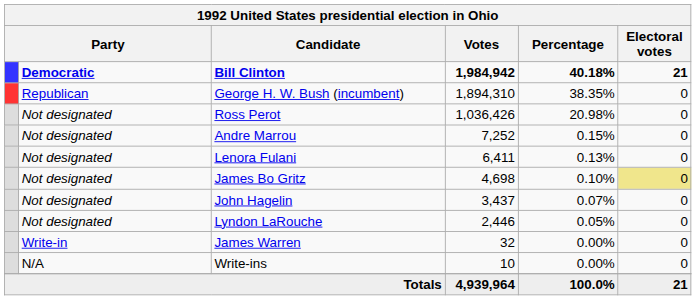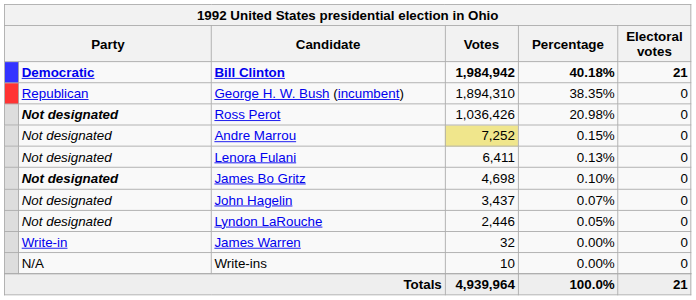 <table class="wikitable" style="font-size: 95%;">
 <tr>
 <th colspan="6">1992 United States presidential election in Ohio</th>
 </tr>
 <tr>
 <th colspan="2" style="width: 15em">Party</th>
 <th style="width: 17em">Candidate</th>
 <th style="width: 5em">Votes</th>
 <th style="width: 7em">Percentage</th>
 <th style="width: 5em">Electoral votes</th>
 </tr>
 <tr>
 <th style="background-color:#3333FF; width: 3px"></th>
 <td style="width: 130px"><strong><a href='#'>Democratic</a></strong></td>
 <td><strong><a href='#'>Bill Clinton</a></strong></td>
 <td align="right"><strong>1,984,942</strong></td>
 <td align="right"><strong>40.18%</strong></td>
 <td align="right"><strong>21</strong></td>
 </tr>
 <tr>
 <th style="background-color:#FF3333; width: 3px"></th>
 <td style="width: 130px"><a href='#'>Republican</a></td>
 <td><a href='#'>George H. W. Bush</a> (<a href='#'>incumbent</a>)</td>
 <td align="right">1,894,310</td>
 <td align="right">38.35%</td>
 <td align="right">0</td>
 </tr>
 <tr>
 <th style="background-color:#DDDDDD; width: 3px"></th>
-<td style="width: 130px"><em>Not designated</em></td>
+<td style="width: 130px"><strong><em>Not designated</em></strong></td>
 <td><a href='#'>Ross Perot</a></td>
 <td align="right">1,036,426</td>
 <td align="right">20.98%</td>
 <td align="right">0</td>
 </tr>
 <tr>
 <th style="background-color:#DDDDDD; width: 3px"></th>
 <td style="width: 130px"><em>Not designated</em></td>
 <td><a href='#'>Andre Marrou</a></td>
-<td align="right">7,252</td>
+<td align="right" style="background: khaki;">7,252</td>
 <td align="right">0.15%</td>
 <td align="right">0</td>
 </tr>
 <tr>
 <th style="background-color:#DDDDDD; width: 3px"></th>
 <td style="width: 130px"><em>Not designated</em></td>
 <td><a href='#'>Lenora Fulani</a></td>
 <td align="right">6,411</td>
 <td align="right">0.13%</td>
 <td align="right">0</td>
 </tr>
 <tr>
 <th style="background-color:#DDDDDD; width: 3px"></th>
-<td style="width: 130px"><em>Not designated</em></td>
+<td style="width: 130px"><strong><em>Not designated</em></strong></td>
 <td><a href='#'>James Bo Gritz</a></td>
 <td align="right">4,698</td>
 <td align="right">0.10%</td>
-<td align="right" style="background: khaki;">0</td>
+<td align="right">0</td>
 </tr>
 <tr>
 <th style="background-color:#DDDDDD; width: 3px"></th>
 <td style="width: 130px"><em>Not designated</em></td>
 <td><a href='#'>John Hagelin</a></td>
 <td align="right">3,437</td>
 <td align="right">0.07%</td>
 <td align="right">0</td>
 </tr>
 <tr>
 <th style="background-color:#DDDDDD; width: 3px"></th>
 <td style="width: 130px"><em>Not designated</em></td>
 <td><a href='#'>Lyndon LaRouche</a></td>
 <td align="right">2,446</td>
 <td align="right">0.05%</td>
 <td align="right">0</td>
 </tr>
 <tr>
 <th style="background-color:#DDDDDD; width: 3px"></th>
 <td style="width: 130px"><a href='#'>Write-in</a></td>
 <td><a href='#'>James Warren</a></td>
 <td align="right">32</td>
 <td align="right">0.00%</td>
 <td align="right">0</td>
 </tr>
 <tr>
 <th style="background-color:#DDDDDD; width: 3px"></th>
 <td style="width: 130px">N/A</td>
 <td>Write-ins</td>
 <td align="right">10</td>
 <td align="right">0.00%</td>
 <td align="right">0</td>
 </tr>
 <tr>
 </tr>
 <tr bgcolor="#EEEEEE">
 <td colspan="3" align="right"><strong>Totals</strong></td>
 <td align="right"><strong>4,939,964</strong></td>
 <td align="right"><strong>100.0%</strong></td>
 <td align="right"><strong>21</strong></td>
 </tr>
 </table>
